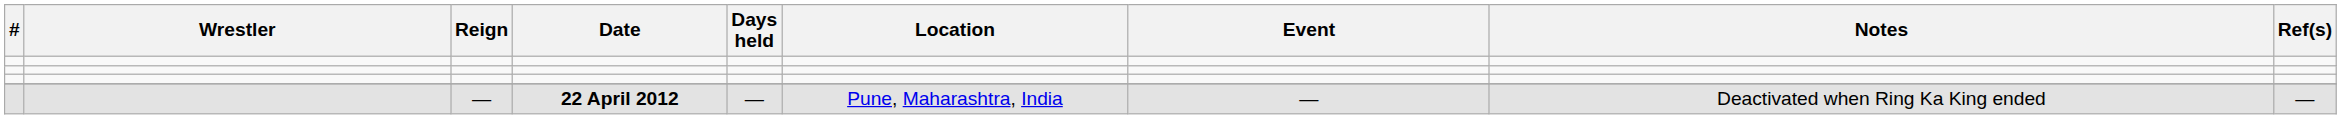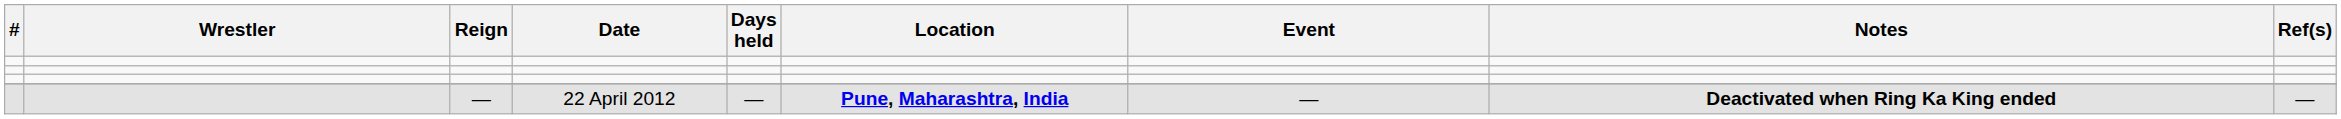 <table class="wikitable sortable" width=98% style="text-align:center;">
 <tr>
 <th width=0%>#</th>
 <th width=20%>Wrestler</th>
 <th width=0%>Reign</th>
 <th width=10%>Date</th>
 <th width=0%>Days<br>held</th>
 <th width=16%>Location</th>
 <th width=17%>Event</th>
 <th width=60% class="unsortable">Notes</th>
 <th width=0% class="unsortable">Ref(s)</th>
 </tr>
 <tr>
 <td></td>
 <td></td>
 <td></td>
 <td></td>
 <td></td>
 <td></td>
 <td></td>
 <td></td>
 <td></td>
 </tr>
 <tr>
 <td></td>
 <td></td>
 <td></td>
 <td></td>
 <td></td>
 <td></td>
 <td></td>
 <td></td>
 <td></td>
 </tr>
 <tr>
 <td></td>
 <td></td>
 <td></td>
 <td></td>
 <td></td>
 <td></td>
 <td></td>
 <td></td>
 <td></td>
 </tr>
 <tr>
 </tr>
 <tr style="background-color:#e3e3e3">
 <td></td>
 <td></td>
 <td align=center>—</td>
-<td align=center><strong>22 April 2012</strong></td>
+<td align=center>22 April 2012</td>
 <td align=center>—</td>
-<td align=center><a href='#'>Pune</a>, <a href='#'>Maharashtra</a>, <a href='#'>India</a></td>
+<td align=center><strong><a href='#'>Pune</a>, <a href='#'>Maharashtra</a>, <a href='#'>India</a></strong></td>
 <td align=center>—</td>
-<td align="center">Deactivated when Ring Ka King ended</td>
+<td align="center"><strong>Deactivated when Ring Ka King ended</strong></td>
 <td align=center>—</td>
 </tr>
 </table>
